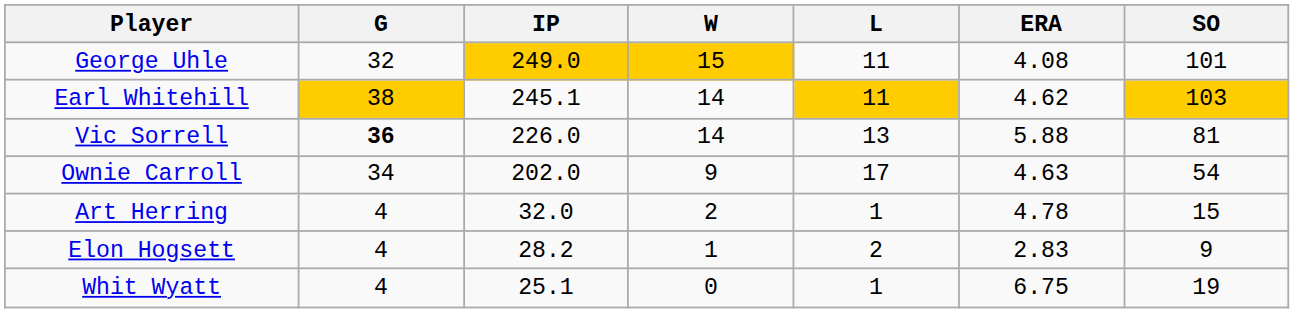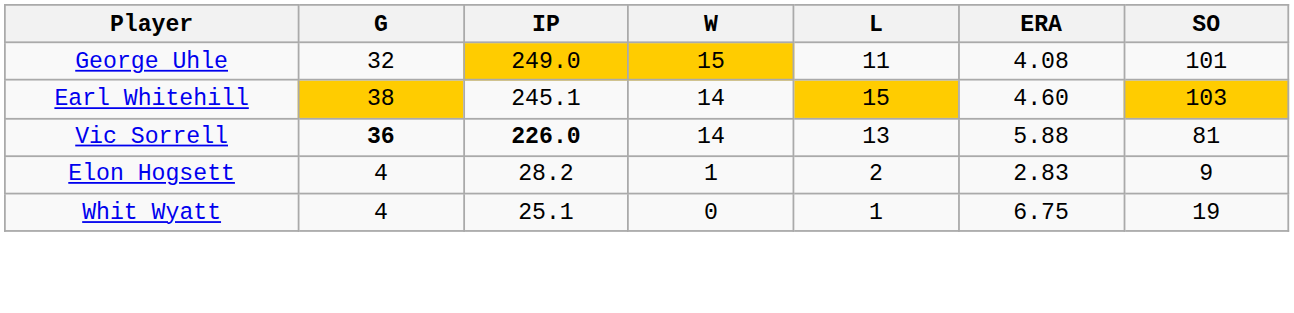 <table class="wikitable sortable">
 <tr>
 <th bgcolor="#DDDDFF" width="16%">Player</th>
 <th bgcolor="#DDDDFF" width="9%">G</th>
 <th bgcolor="#DDDDFF" width="9%">IP</th>
 <th bgcolor="#DDDDFF" width="9%">W</th>
 <th bgcolor="#DDDDFF" width="9%">L</th>
 <th bgcolor="#DDDDFF" width="9%">ERA</th>
 <th bgcolor="#DDDDFF" width="9%">SO</th>
 </tr>
 <tr align="center">
 <td><a href='#'>George Uhle</a></td>
 <td>32</td>
 <td style="background:#fc0;">249.0</td>
 <td style="background:#fc0;">15</td>
 <td>11</td>
 <td>4.08</td>
 <td>101</td>
 </tr>
 <tr align=center>
 <td><a href='#'>Earl Whitehill</a></td>
 <td style="background:#fc0;">38</td>
 <td>245.1</td>
 <td>14</td>
-<td style="background:#fc0;">11</td>
-<td>4.62</td>
+<td style="background:#fc0;">15</td>
+<td>4.60</td>
 <td style="background:#fc0;">103</td>
 </tr>
 <tr align=center>
 <td><a href='#'>Vic Sorrell</a></td>
 <td><strong>36</strong></td>
-<td>226.0</td>
+<td><strong>226.0</strong></td>
 <td>14</td>
 <td>13</td>
 <td>5.88</td>
 <td>81</td>
-</tr>
-<tr align=center>
-<td><a href='#'>Ownie Carroll</a></td>
-<td>34</td>
-<td>202.0</td>
-<td>9</td>
-<td>17</td>
-<td>4.63</td>
-<td>54</td>
-</tr>
-<tr align=center>
-<td><a href='#'>Art Herring</a></td>
-<td>4</td>
-<td>32.0</td>
-<td>2</td>
-<td>1</td>
-<td>4.78</td>
-<td>15</td>
 </tr>
 <tr align=center>
 <td><a href='#'>Elon Hogsett</a></td>
 <td>4</td>
 <td>28.2</td>
 <td>1</td>
 <td>2</td>
 <td>2.83</td>
 <td>9</td>
 </tr>
 <tr align=center>
 <td><a href='#'>Whit Wyatt</a></td>
 <td>4</td>
 <td>25.1</td>
 <td>0</td>
 <td>1</td>
 <td>6.75</td>
 <td>19</td>
 </tr>
 </table>
